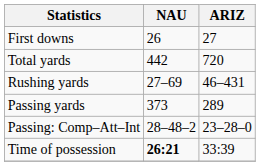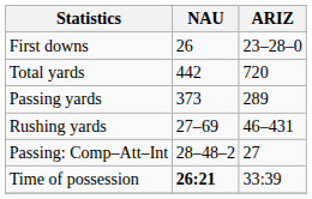 <table class="wikitable" style="float: left;">
 <tr>
 <th>Statistics</th>
 <th>NAU</th>
 <th>ARIZ</th>
 </tr>
 <tr>
 <td>First downs</td>
 <td>26</td>
-<td>27</td>
+<td>23–28–0</td>
 </tr>
 <tr>
 <td>Total yards</td>
 <td>442</td>
 <td>720</td>
 </tr>
 <tr>
+<td>Passing yards</td>
+<td>373</td>
+<td>289</td>
+</tr>
+<tr>
 <td>Rushing yards</td>
 <td>27–69</td>
 <td>46–431</td>
 </tr>
 <tr>
-<td>Passing yards</td>
-<td>373</td>
-<td>289</td>
-</tr>
-<tr>
 <td>Passing: Comp–Att–Int</td>
 <td>28–48–2</td>
-<td>23–28–0</td>
+<td>27</td>
 </tr>
 <tr>
 <td>Time of possession</td>
 <td><strong>26:21</strong></td>
 <td>33:39</td>
 </tr>
 <tr>
 </tr>
 </table>
